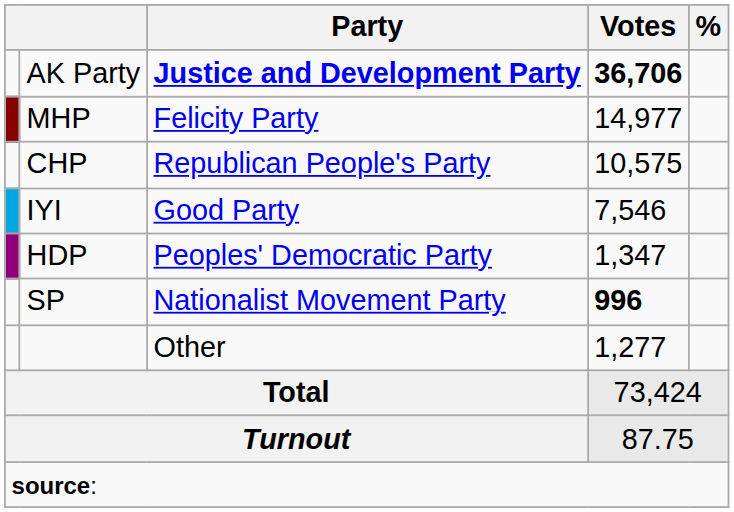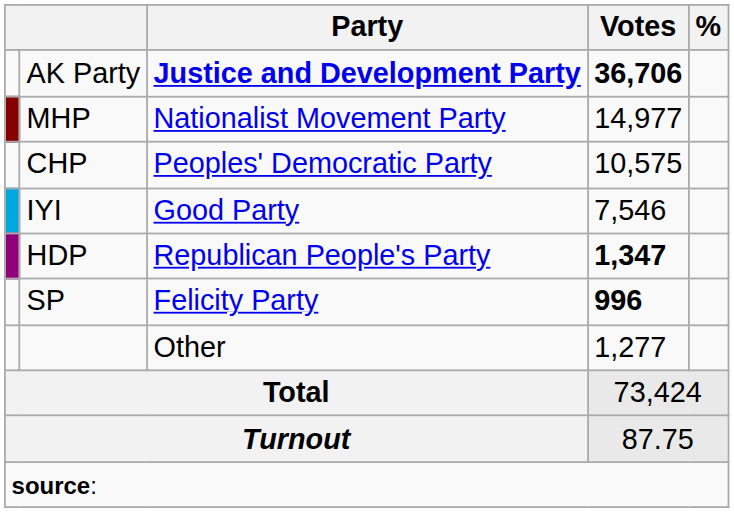 <table class="wikitable">
 <tr>
 <th colspan="2" align="center"></th>
 <th align="center">Party</th>
 <th align="center">Votes</th>
 <th align="center">%</th>
 </tr>
 <tr align="left">
 <td></td>
 <td>AK Party</td>
 <td><strong><a href='#'>Justice and Development Party</a></strong></td>
 <td><strong>36,706</strong></td>
 <td><strong></strong></td>
 </tr>
 <tr align="left">
 <td bgcolor="#870000" width="1"></td>
 <td>MHP</td>
-<td><a href='#'>Felicity Party</a></td>
+<td><a href='#'>Nationalist Movement Party</a></td>
 <td>14,977</td>
 <td></td>
 </tr>
 <tr align="left">
 <td></td>
 <td>CHP</td>
-<td><a href='#'>Republican People's Party</a></td>
+<td><a href='#'>Peoples' Democratic Party</a></td>
 <td>10,575</td>
 <td></td>
 </tr>
 <tr align="left">
 <td bgcolor="#01A7E1" width="1"></td>
 <td>IYI</td>
 <td><a href='#'>Good Party</a></td>
 <td>7,546</td>
 <td></td>
 </tr>
 <tr align="left">
 <td bgcolor="#91007B" width="1"></td>
 <td>HDP</td>
-<td><a href='#'>Peoples' Democratic Party</a></td>
-<td>1,347</td>
+<td><a href='#'>Republican People's Party</a></td>
+<td><strong>1,347</strong></td>
 <td></td>
 </tr>
 <tr align="left">
 <td></td>
 <td>SP</td>
-<td><a href='#'>Nationalist Movement Party</a></td>
+<td><a href='#'>Felicity Party</a></td>
 <td><strong>996</strong></td>
 <td></td>
 </tr>
 <tr align="left">
 <td bgcolor="" width="1"></td>
 <td></td>
 <td>Other</td>
 <td>1,277</td>
 <td></td>
 </tr>
 <tr align="left" style="background-color:#E9E9E9">
 <th colspan="3" align="center"><strong>Total</strong></th>
 <td colspan="5" align="center">73,424</td>
 </tr>
 <tr align="left" style="background-color:#E9E9E9">
 <th colspan="3" align="center"><em>Turnout</em></th>
 <td colspan="5" align="center">87.75</td>
 </tr>
 <tr>
 <td colspan="9" align="left"><small><strong>source</strong>: </small></td>
 </tr>
 </table>
